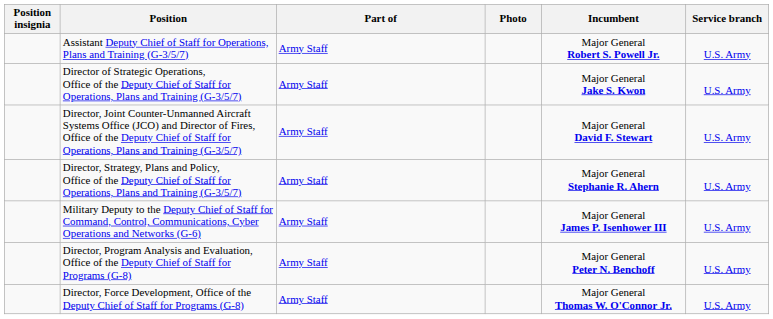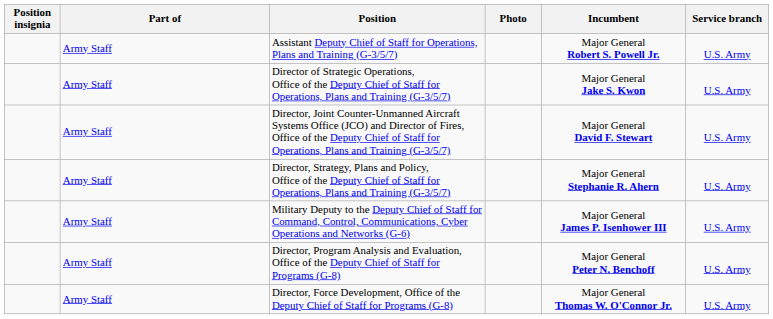 <table class="wikitable">
 <tr>
 <th width="75" style="text-align:center">Position insignia</th>
+<th width="300" style="text-align:center">Part of</th>
 <th width="310" style="text-align:center">Position</th>
-<th width="300" style="text-align:center">Part of</th>
 <th width="75" style="text-align:center">Photo</th>
 <th width="205" style="text-align:center">Incumbent</th>
 <th width="115" style="text-align:center">Service branch</th>
 </tr>
 <tr>
 <td></td>
+<td> <a href='#'>Army Staff</a></td>
 <td>Assistant <a href='#'>Deputy Chief of Staff for Operations, Plans and Training (G-3/5/7)</a></td>
-<td> <a href='#'>Army Staff</a></td>
 <td></td>
 <td style="text-align:center">Major General<br><strong><a href='#'>Robert S. Powell Jr.</a></strong></td>
 <td style="text-align:center"><br><a href='#'>U.S. Army</a></td>
 </tr>
 <tr>
 <td></td>
+<td> <a href='#'>Army Staff</a></td>
 <td>Director of Strategic Operations,<br>Office of the <a href='#'>Deputy Chief of Staff for Operations, Plans and Training (G-3/5/7)</a></td>
-<td> <a href='#'>Army Staff</a></td>
 <td></td>
 <td style="text-align:center">Major General<br><strong><a href='#'>Jake S. Kwon</a></strong></td>
 <td style="text-align:center"><br><a href='#'>U.S. Army</a></td>
 </tr>
 <tr>
 <td></td>
+<td> <a href='#'>Army Staff</a></td>
 <td>Director, Joint Counter-Unmanned Aircraft Systems Office (JCO) and Director of Fires,<br>Office of the <a href='#'>Deputy Chief of Staff for Operations, Plans and Training (G-3/5/7)</a></td>
-<td> <a href='#'>Army Staff</a></td>
 <td></td>
 <td style="text-align:center">Major General<br><strong><a href='#'>David F. Stewart</a></strong></td>
 <td style="text-align:center"><br><a href='#'>U.S. Army</a></td>
 </tr>
 <tr>
 <td></td>
+<td> <a href='#'>Army Staff</a></td>
 <td>Director, Strategy, Plans and Policy,<br>Office of the <a href='#'>Deputy Chief of Staff for Operations, Plans and Training (G-3/5/7)</a></td>
-<td> <a href='#'>Army Staff</a></td>
 <td></td>
 <td style="text-align:center">Major General<br><strong><a href='#'>Stephanie R. Ahern</a></strong></td>
 <td style="text-align:center"><br><a href='#'>U.S. Army</a></td>
 </tr>
 <tr>
 <td></td>
+<td> <a href='#'>Army Staff</a></td>
 <td>Military Deputy to the <a href='#'>Deputy Chief of Staff for Command, Control, Communications, Cyber Operations and Networks (G-6)</a></td>
-<td> <a href='#'>Army Staff</a></td>
 <td></td>
 <td style="text-align:center">Major General<br><strong><a href='#'>James P. Isenhower III</a></strong></td>
 <td style="text-align:center"><br><a href='#'>U.S. Army</a></td>
 </tr>
 <tr>
 <td></td>
+<td> <a href='#'>Army Staff</a></td>
 <td>Director, Program Analysis and Evaluation, Office of the <a href='#'>Deputy Chief of Staff for Programs (G-8)</a></td>
-<td> <a href='#'>Army Staff</a></td>
 <td></td>
 <td style="text-align:center">Major General<br><strong><a href='#'>Peter N. Benchoff</a></strong></td>
 <td style="text-align:center"><br><a href='#'>U.S. Army</a></td>
 </tr>
 <tr>
 <td></td>
+<td> <a href='#'>Army Staff</a></td>
 <td>Director, Force Development, Office of the <a href='#'>Deputy Chief of Staff for Programs (G-8)</a></td>
-<td> <a href='#'>Army Staff</a></td>
 <td></td>
 <td style="text-align:center">Major General<br><strong><a href='#'>Thomas W. O'Connor Jr.</a></strong></td>
 <td style="text-align:center"><br><a href='#'>U.S. Army</a></td>
 </tr>
 </table>
